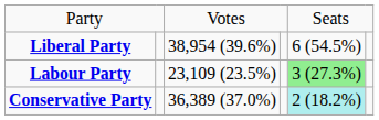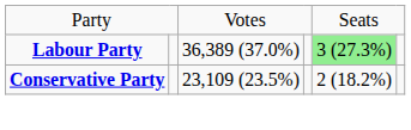 <table class=wikitable style="text-align:center;">
 <tr>
 <td colspan=2>Party</td>
 <td colspan=2>Votes</td>
 <td colspan=2>Seats</td>
 </tr>
 <tr>
-<td><strong><a href='#'>Liberal Party</a></strong></td>
-<td style="background:"></td>
-<td>38,954 (39.6%)</td>
-<td></td>
-<td>6 (54.5%)</td>
-<td></td>
-</tr>
-<tr>
 <td><strong><a href='#'>Labour Party</a></strong></td>
 <td style="background:"></td>
-<td>23,109 (23.5%)</td>
+<td>36,389 (37.0%)</td>
 <td></td>
 <td style="background: lightgreen;">3 (27.3%)</td>
 <td></td>
 </tr>
 <tr>
 <td><strong><a href='#'>Conservative Party</a></strong></td>
 <td style="background:"></td>
-<td>36,389 (37.0%)</td>
+<td>23,109 (23.5%)</td>
 <td></td>
-<td style="background: paleturquoise;">2 (18.2%)</td>
+<td>2 (18.2%)</td>
 <td></td>
 </tr>
 </table>
